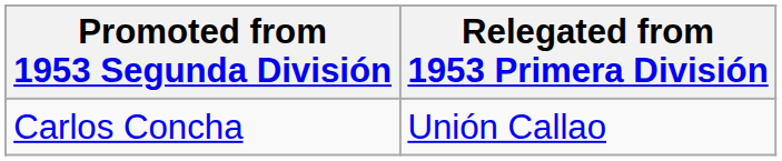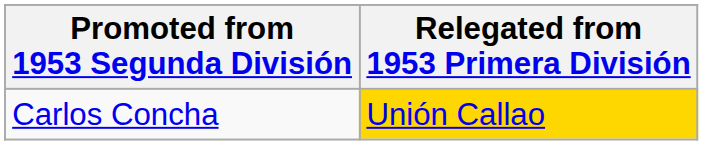 <table class="wikitable">
 <tr>
 <th>Promoted from<br><a href='#'>1953 Segunda División</a></th>
 <th>Relegated from<br><a href='#'>1953 Primera División</a></th>
 </tr>
 <tr>
 <td> <a href='#'>Carlos Concha</a> </td>
-<td> <a href='#'>Unión Callao</a> </td>
+<td style="background: gold;"> <a href='#'>Unión Callao</a> </td>
 </tr>
 </table>
